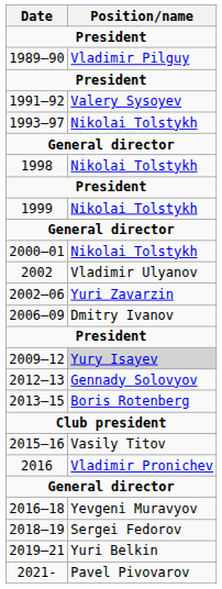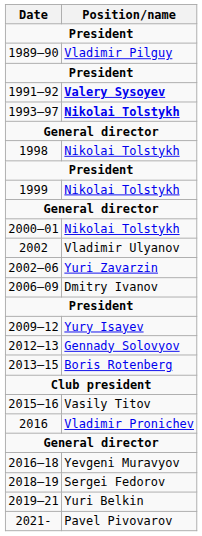 <table class="wikitable" style="text-align:center;margin-left:1em">
 <tr>
 <th>Date</th>
 <th>Position/name</th>
 </tr>
 <tr>
 <td colspan=2 align=center><strong>President</strong></td>
 </tr>
 <tr>
 <td>1989–90</td>
 <td align=left> <a href='#'>Vladimir Pilguy</a></td>
 </tr>
 <tr>
 <td colspan=2 align=center><strong>President</strong></td>
 </tr>
 <tr>
 <td>1991–92</td>
-<td align=left> <a href='#'>Valery Sysoyev</a></td>
+<td align=left><strong> <a href='#'>Valery Sysoyev</a></strong></td>
 </tr>
 <tr>
 <td>1993–97</td>
-<td align=left> <a href='#'>Nikolai Tolstykh</a></td>
+<td align=left><strong> <a href='#'>Nikolai Tolstykh</a></strong></td>
 </tr>
 <tr>
 <td colspan=2 align=center><strong>General director</strong></td>
 </tr>
 <tr>
 <td>1998</td>
 <td align=left> <a href='#'>Nikolai Tolstykh</a></td>
 </tr>
 <tr>
 <td colspan=2 align=center><strong>President</strong></td>
 </tr>
 <tr>
 <td>1999</td>
 <td align=left> <a href='#'>Nikolai Tolstykh</a></td>
 </tr>
 <tr>
 <td colspan=2 align=center><strong>General director</strong></td>
 </tr>
 <tr>
 <td>2000–01</td>
 <td align=left> <a href='#'>Nikolai Tolstykh</a></td>
 </tr>
 <tr>
 <td>2002</td>
 <td align=left> Vladimir Ulyanov</td>
 </tr>
 <tr>
 <td>2002–06</td>
 <td align=left> <a href='#'>Yuri Zavarzin</a></td>
 </tr>
 <tr>
 <td>2006–09</td>
 <td align=left> Dmitry Ivanov</td>
 </tr>
 <tr>
 <td colspan=2 align=center><strong>President</strong></td>
 </tr>
 <tr>
 <td>2009–12</td>
-<td align=left style="background: lightgrey;"> <a href='#'>Yury Isayev</a></td>
+<td align=left> <a href='#'>Yury Isayev</a></td>
 </tr>
 <tr>
 <td>2012–13</td>
 <td align=left> <a href='#'>Gennady Solovyov</a></td>
 </tr>
 <tr>
 <td>2013–15</td>
 <td align=left> <a href='#'>Boris Rotenberg</a></td>
 </tr>
 <tr>
 <td colspan=2 align=center><strong>Club president</strong></td>
 </tr>
 <tr>
 <td>2015–16</td>
 <td align=left> Vasily Titov</td>
 </tr>
 <tr>
 <td>2016</td>
 <td align=left> <a href='#'>Vladimir Pronichev</a></td>
 </tr>
 <tr>
 <td colspan=3 align=center><strong>General director</strong></td>
 </tr>
 <tr>
 <td>2016–18</td>
 <td align=left> Yevgeni Muravyov</td>
 </tr>
 <tr>
 <td>2018–19</td>
 <td align=left> Sergei Fedorov</td>
 </tr>
 <tr>
 <td>2019–21</td>
 <td align=left> Yuri Belkin</td>
 </tr>
 <tr>
 <td>2021-</td>
 <td align=left> Pavel Pivovarov</td>
 </tr>
 </table>
